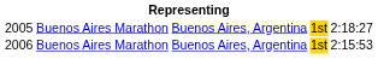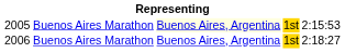 <table>
 <tr>
 <th colspan="5">Representing </th>
 </tr>
 <tr>
 <td>2005</td>
 <td><a href='#'>Buenos Aires Marathon</a></td>
 <td style="background: lightyellow;"><a href='#'>Buenos Aires, Argentina</a></td>
 <td bgcolor="gold">1st</td>
-<td>2:18:27</td>
+<td>2:15:53</td>
 </tr>
 <tr>
 <td>2006</td>
 <td><a href='#'>Buenos Aires Marathon</a></td>
 <td><a href='#'>Buenos Aires, Argentina</a></td>
 <td bgcolor="gold">1st</td>
-<td>2:15:53</td>
+<td>2:18:27</td>
 </tr>
 </table>
